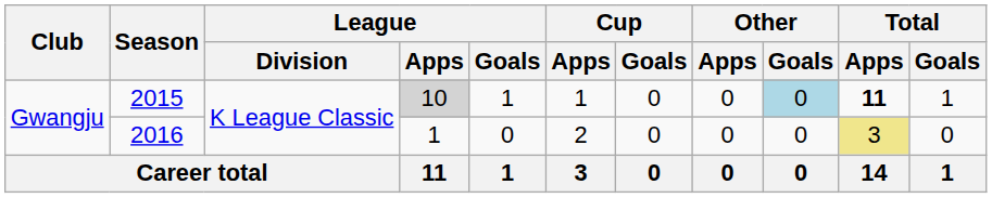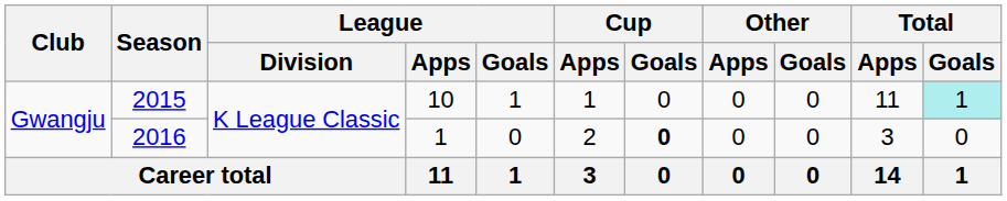 <table class="wikitable" style="text-align: center">
 <tr>
 <th rowspan="2">Club</th>
 <th rowspan="2">Season</th>
 <th colspan="3">League</th>
 <th colspan="2">Cup</th>
 <th colspan="2">Other</th>
 <th colspan="2">Total</th>
 </tr>
 <tr>
 <th>Division</th>
 <th>Apps</th>
 <th>Goals</th>
 <th>Apps</th>
 <th>Goals</th>
 <th>Apps</th>
 <th>Goals</th>
 <th>Apps</th>
 <th>Goals</th>
 </tr>
 <tr>
 <td rowspan="2"><a href='#'>Gwangju</a></td>
 <td><a href='#'>2015</a></td>
 <td rowspan="2"><a href='#'>K League Classic</a></td>
-<td style="background: lightgrey;">10</td>
+<td>10</td>
 <td>1</td>
 <td>1</td>
 <td>0</td>
 <td>0</td>
-<td style="background: lightblue;">0</td>
-<td><strong>11</strong></td>
-<td>1</td>
+<td>0</td>
+<td>11</td>
+<td style="background: paleturquoise;">1</td>
 </tr>
 <tr>
 <td><a href='#'>2016</a></td>
 <td>1</td>
 <td>0</td>
 <td>2</td>
+<td><strong>0</strong></td>
 <td>0</td>
 <td>0</td>
-<td>0</td>
-<td style="background: khaki;">3</td>
+<td>3</td>
 <td>0</td>
 </tr>
 <tr>
 <th colspan=3>Career total</th>
 <th>11</th>
 <th>1</th>
 <th>3</th>
 <th>0</th>
 <th>0</th>
 <th>0</th>
 <th>14</th>
 <th>1</th>
 </tr>
 </table>
